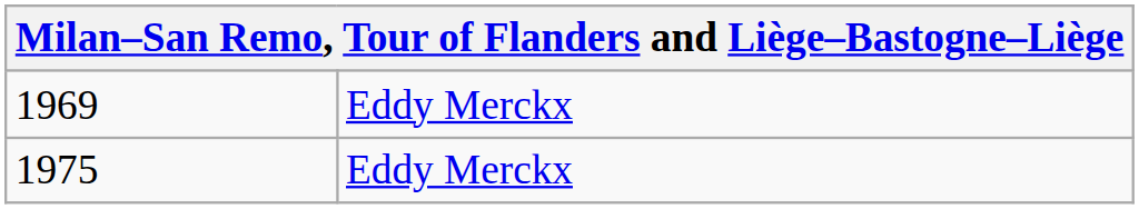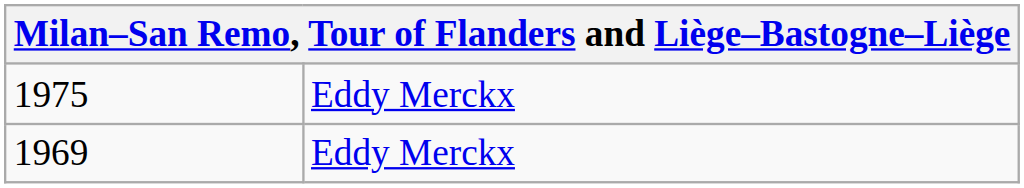 <table class="wikitable">
 <tr>
 <th colspan=2><a href='#'>Milan–San Remo</a>, <a href='#'>Tour of Flanders</a> and <a href='#'>Liège–Bastogne–Liège</a></th>
 </tr>
 <tr>
+<td>1975</td>
+<td> <a href='#'>Eddy Merckx</a></td>
+</tr>
+<tr>
 <td>1969</td>
 <td> <a href='#'>Eddy Merckx</a></td>
 </tr>
-<tr>
-<td>1975</td>
-<td> <a href='#'>Eddy Merckx</a></td>
-</tr>
 </table>
